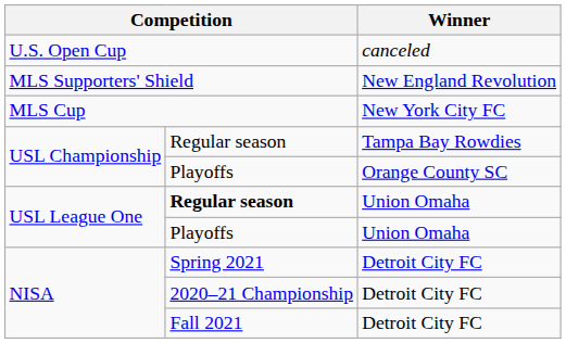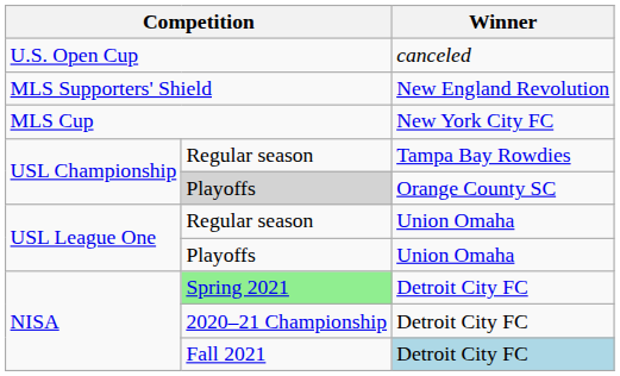 <table class="wikitable">
 <tr>
 <th colspan=2>Competition</th>
 <th>Winner</th>
 </tr>
 <tr>
 <td colspan=2><a href='#'>U.S. Open Cup</a></td>
 <td><em>canceled</em></td>
 </tr>
 <tr>
 <td colspan=2><a href='#'>MLS Supporters' Shield</a></td>
 <td><a href='#'>New England Revolution</a></td>
 </tr>
 <tr>
 <td colspan=2><a href='#'>MLS Cup</a></td>
 <td><a href='#'>New York City FC</a></td>
 </tr>
 <tr>
 <td rowspan=2><a href='#'>USL Championship</a></td>
 <td>Regular season</td>
 <td><a href='#'>Tampa Bay Rowdies</a></td>
 </tr>
 <tr>
-<td>Playoffs</td>
+<td style="background: lightgrey;">Playoffs</td>
 <td><a href='#'>Orange County SC</a></td>
 </tr>
 <tr>
 <td rowspan=2><a href='#'>USL League One</a></td>
-<td><strong>Regular season</strong></td>
+<td>Regular season</td>
 <td><a href='#'>Union Omaha</a></td>
 </tr>
 <tr>
 <td>Playoffs</td>
 <td><a href='#'>Union Omaha</a></td>
 </tr>
 <tr>
 <td rowspan=3><a href='#'>NISA</a></td>
-<td><a href='#'>Spring 2021</a></td>
+<td style="background: lightgreen;"><a href='#'>Spring 2021</a></td>
 <td><a href='#'>Detroit City FC</a></td>
 </tr>
 <tr>
 <td><a href='#'>2020–21 Championship</a></td>
 <td>Detroit City FC</td>
 </tr>
 <tr>
 <td><a href='#'>Fall 2021</a></td>
-<td>Detroit City FC</td>
+<td style="background: lightblue;">Detroit City FC</td>
 </tr>
 </table>
